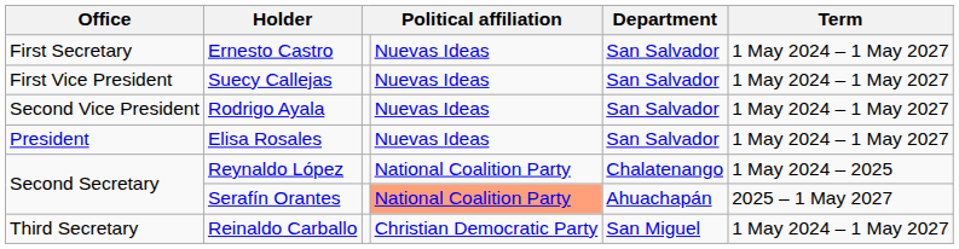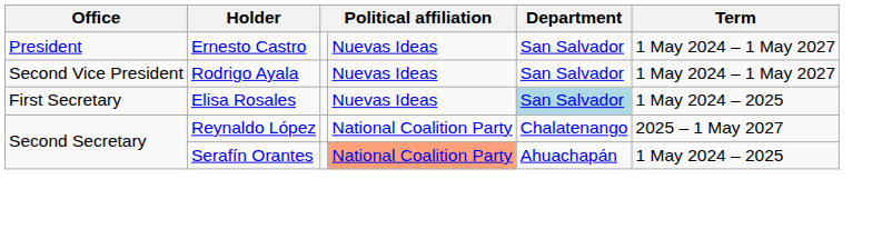 <table class="wikitable">
 <tr>
 <th>Office</th>
 <th>Holder</th>
 <th colspan="2">Political affiliation</th>
 <th>Department</th>
 <th>Term</th>
 </tr>
 <tr>
-<td>First Secretary</td>
+<td><a href='#'>President</a></td>
 <td><a href='#'>Ernesto Castro</a></td>
-<td style="background:"></td>
-<td><a href='#'>Nuevas Ideas</a></td>
-<td><a href='#'>San Salvador</a></td>
-<td>1 May 2024 – 1 May 2027</td>
-</tr>
-<tr>
-<td>First Vice President</td>
-<td><a href='#'>Suecy Callejas</a></td>
 <td style="background:"></td>
 <td><a href='#'>Nuevas Ideas</a></td>
 <td><a href='#'>San Salvador</a></td>
 <td>1 May 2024 – 1 May 2027</td>
 </tr>
 <tr>
 <td>Second Vice President</td>
 <td><a href='#'>Rodrigo Ayala</a></td>
 <td style="background:"></td>
 <td><a href='#'>Nuevas Ideas</a></td>
 <td><a href='#'>San Salvador</a></td>
 <td>1 May 2024 – 1 May 2027</td>
 </tr>
 <tr>
-<td><a href='#'>President</a></td>
+<td>First Secretary</td>
 <td><a href='#'>Elisa Rosales</a></td>
 <td style="background:"></td>
 <td><a href='#'>Nuevas Ideas</a></td>
-<td><a href='#'>San Salvador</a></td>
-<td>1 May 2024 – 1 May 2027</td>
+<td style="background: lightblue;"><a href='#'>San Salvador</a></td>
+<td>1 May 2024 – 2025</td>
 </tr>
 <tr>
 <td rowspan="2">Second Secretary</td>
 <td><a href='#'>Reynaldo López</a></td>
 <td style="background:"></td>
 <td><a href='#'>National Coalition Party</a></td>
 <td><a href='#'>Chalatenango</a></td>
-<td>1 May 2024 – 2025</td>
+<td>2025 – 1 May 2027</td>
 </tr>
 <tr>
 <td><a href='#'>Serafín Orantes</a></td>
 <td style="background:"></td>
 <td style="background: lightsalmon;"><a href='#'>National Coalition Party</a></td>
 <td><a href='#'>Ahuachapán</a></td>
-<td>2025 – 1 May 2027</td>
-</tr>
-<tr>
-<td>Third Secretary</td>
-<td><a href='#'>Reinaldo Carballo</a></td>
-<td style="background:"></td>
-<td><a href='#'>Christian Democratic Party</a></td>
-<td><a href='#'>San Miguel</a></td>
-<td>1 May 2024 – 1 May 2027</td>
+<td>1 May 2024 – 2025</td>
 </tr>
 </table>
